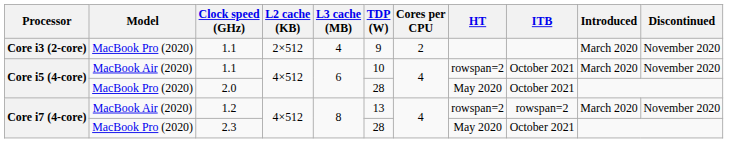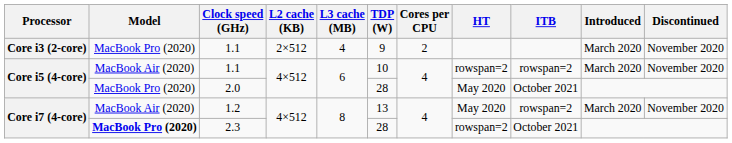 <table class="wikitable sortable" style="font-size:smaller; text-align:center">
 <tr>
 <th>Processor</th>
 <th>Model</th>
 <th><a href='#'>Clock speed</a><br>(GHz)</th>
 <th><a href='#'>L2 cache</a><br>(KB)</th>
 <th><a href='#'>L3 cache</a><br>(MB)</th>
 <th><a href='#'>TDP</a><br>(W)</th>
 <th>Cores per<br>CPU</th>
 <th><a href='#'>HT</a></th>
 <th><a href='#'>ITB</a></th>
 <th>Introduced</th>
 <th>Discontinued</th>
 </tr>
 <tr>
 <th>Core i3 (2-core)</th>
 <td><a href='#'>MacBook Pro</a> (2020)</td>
 <td>1.1</td>
 <td>2×512</td>
 <td>4</td>
 <td>9</td>
 <td>2</td>
 <td></td>
 <td></td>
 <td>March 2020</td>
 <td>November 2020</td>
 </tr>
 <tr>
 <th rowspan=2>Core i5 (4-core)</th>
 <td><a href='#'>MacBook Air</a> (2020)</td>
 <td>1.1</td>
 <td rowspan=2>4×512</td>
 <td rowspan=2>6</td>
 <td>10</td>
 <td rowspan=2>4</td>
 <td>rowspan=2 </td>
-<td>October 2021</td>
+<td>rowspan=2 </td>
 <td>March 2020</td>
 <td>November 2020</td>
 </tr>
 <tr>
 <td><a href='#'>MacBook Pro</a> (2020)</td>
 <td>2.0</td>
 <td>28</td>
 <td>May 2020</td>
 <td>October 2021</td>
 </tr>
 <tr>
 <th rowspan=2>Core i7 (4-core)</th>
 <td><a href='#'>MacBook Air</a> (2020)</td>
 <td>1.2</td>
 <td rowspan=2>4×512</td>
 <td rowspan=2>8</td>
 <td>13</td>
 <td rowspan=2>4</td>
-<td>rowspan=2 </td>
+<td>May 2020</td>
 <td>rowspan=2 </td>
 <td>March 2020</td>
 <td>November 2020</td>
 </tr>
 <tr>
-<td><a href='#'>MacBook Pro</a> (2020)</td>
+<td><strong><a href='#'>MacBook Pro</a> (2020)</strong></td>
 <td>2.3</td>
 <td>28</td>
-<td>May 2020</td>
+<td>rowspan=2 </td>
 <td>October 2021</td>
 </tr>
 </table>
